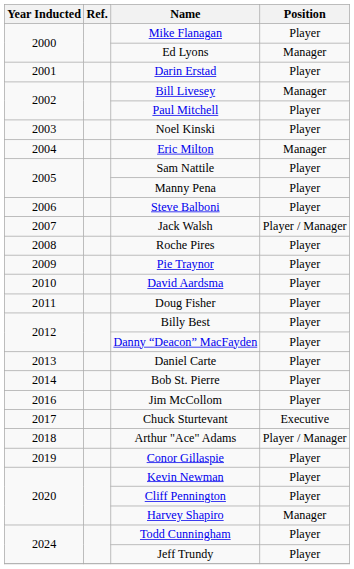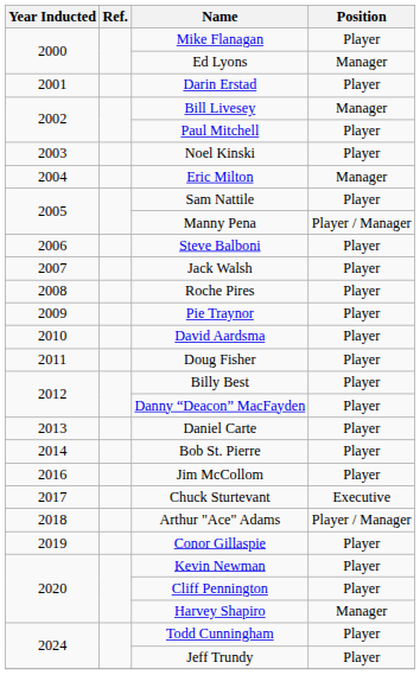 <table class="wikitable" style="text-align:center">
 <tr>
 <th>Year Inducted</th>
 <th>Ref.</th>
 <th>Name</th>
 <th>Position</th>
 </tr>
 <tr>
 <td rowspan="2">2000</td>
 <td rowspan="2"></td>
 <td><a href='#'>Mike Flanagan</a></td>
 <td>Player</td>
 </tr>
 <tr>
 <td>Ed Lyons</td>
 <td>Manager</td>
 </tr>
 <tr>
 <td>2001</td>
 <td></td>
 <td><a href='#'>Darin Erstad</a></td>
 <td>Player</td>
 </tr>
 <tr>
 <td rowspan="2">2002</td>
 <td rowspan="2"></td>
 <td><a href='#'>Bill Livesey</a></td>
 <td>Manager</td>
 </tr>
 <tr>
 <td><a href='#'>Paul Mitchell</a></td>
 <td>Player</td>
 </tr>
 <tr>
 <td>2003</td>
 <td></td>
 <td>Noel Kinski</td>
 <td>Player</td>
 </tr>
 <tr>
 <td>2004</td>
 <td></td>
 <td><a href='#'>Eric Milton</a></td>
 <td>Manager</td>
 </tr>
 <tr>
 <td rowspan="2">2005</td>
 <td rowspan="2"></td>
 <td>Sam Nattile</td>
 <td>Player</td>
 </tr>
 <tr>
 <td>Manny Pena</td>
-<td>Player</td>
+<td>Player / Manager</td>
 </tr>
 <tr>
 <td>2006</td>
 <td></td>
 <td><a href='#'>Steve Balboni</a></td>
 <td>Player</td>
 </tr>
 <tr>
 <td>2007</td>
 <td></td>
 <td>Jack Walsh</td>
-<td>Player / Manager</td>
+<td>Player</td>
 </tr>
 <tr>
 <td>2008</td>
 <td></td>
 <td>Roche Pires</td>
 <td>Player</td>
 </tr>
 <tr>
 <td>2009</td>
 <td></td>
 <td><a href='#'>Pie Traynor</a></td>
 <td>Player</td>
 </tr>
 <tr>
 <td>2010</td>
 <td></td>
 <td><a href='#'>David Aardsma</a></td>
 <td>Player</td>
 </tr>
 <tr>
 <td>2011</td>
 <td></td>
 <td>Doug Fisher</td>
 <td>Player</td>
 </tr>
 <tr>
 <td rowspan="2">2012</td>
 <td rowspan="2"></td>
 <td>Billy Best</td>
 <td>Player</td>
 </tr>
 <tr>
 <td><a href='#'>Danny “Deacon” MacFayden</a></td>
 <td>Player</td>
 </tr>
 <tr>
 <td>2013</td>
 <td></td>
 <td>Daniel Carte</td>
 <td>Player</td>
 </tr>
 <tr>
 <td>2014</td>
 <td></td>
 <td>Bob St. Pierre</td>
 <td>Player</td>
 </tr>
 <tr>
 <td>2016</td>
 <td></td>
 <td>Jim McCollom</td>
 <td>Player</td>
 </tr>
 <tr>
 <td>2017</td>
 <td></td>
 <td>Chuck Sturtevant</td>
 <td>Executive</td>
 </tr>
 <tr>
 <td>2018</td>
 <td></td>
 <td>Arthur "Ace" Adams</td>
 <td>Player / Manager</td>
 </tr>
 <tr>
 <td>2019</td>
 <td></td>
 <td><a href='#'>Conor Gillaspie</a></td>
 <td>Player</td>
 </tr>
 <tr>
 <td rowspan="3">2020</td>
 <td rowspan="3"></td>
 <td><a href='#'>Kevin Newman</a></td>
 <td>Player</td>
 </tr>
 <tr>
 <td><a href='#'>Cliff Pennington</a></td>
 <td>Player</td>
 </tr>
 <tr>
 <td><a href='#'>Harvey Shapiro</a></td>
 <td>Manager</td>
 </tr>
 <tr>
 <td rowspan="2">2024</td>
 <td rowspan="2"></td>
 <td><a href='#'>Todd Cunningham</a></td>
 <td>Player</td>
 </tr>
 <tr>
 <td>Jeff Trundy</td>
 <td>Player</td>
 </tr>
 <tr>
 </tr>
 </table>
